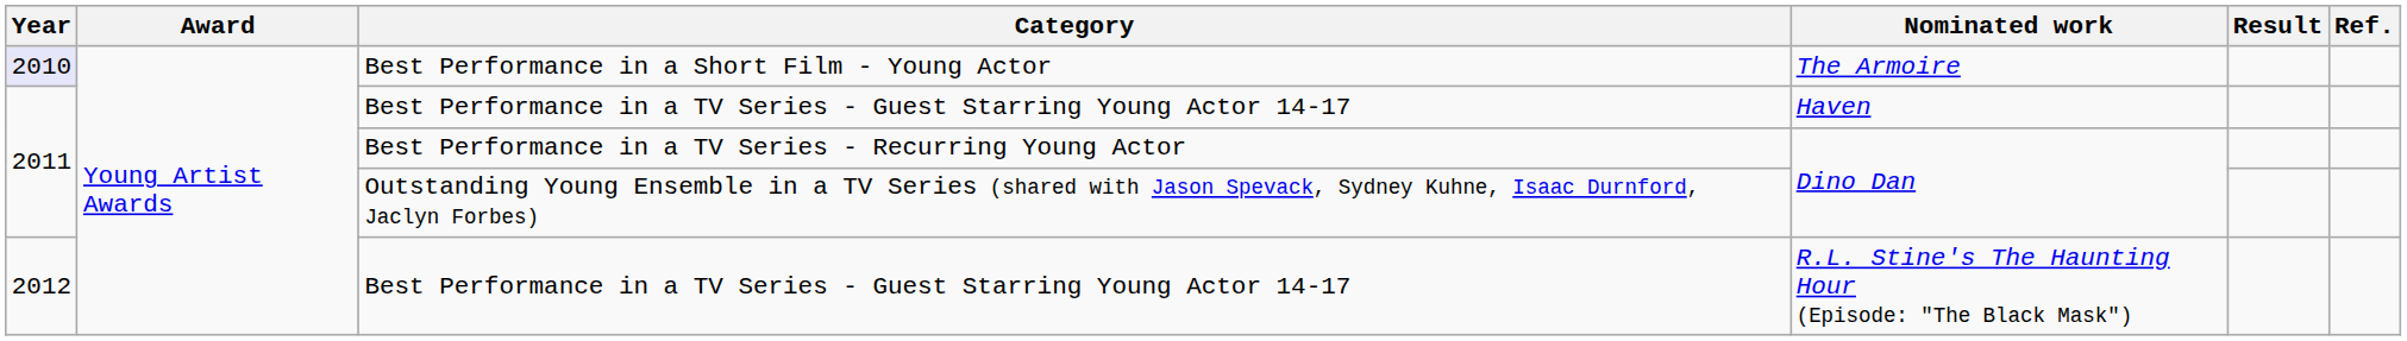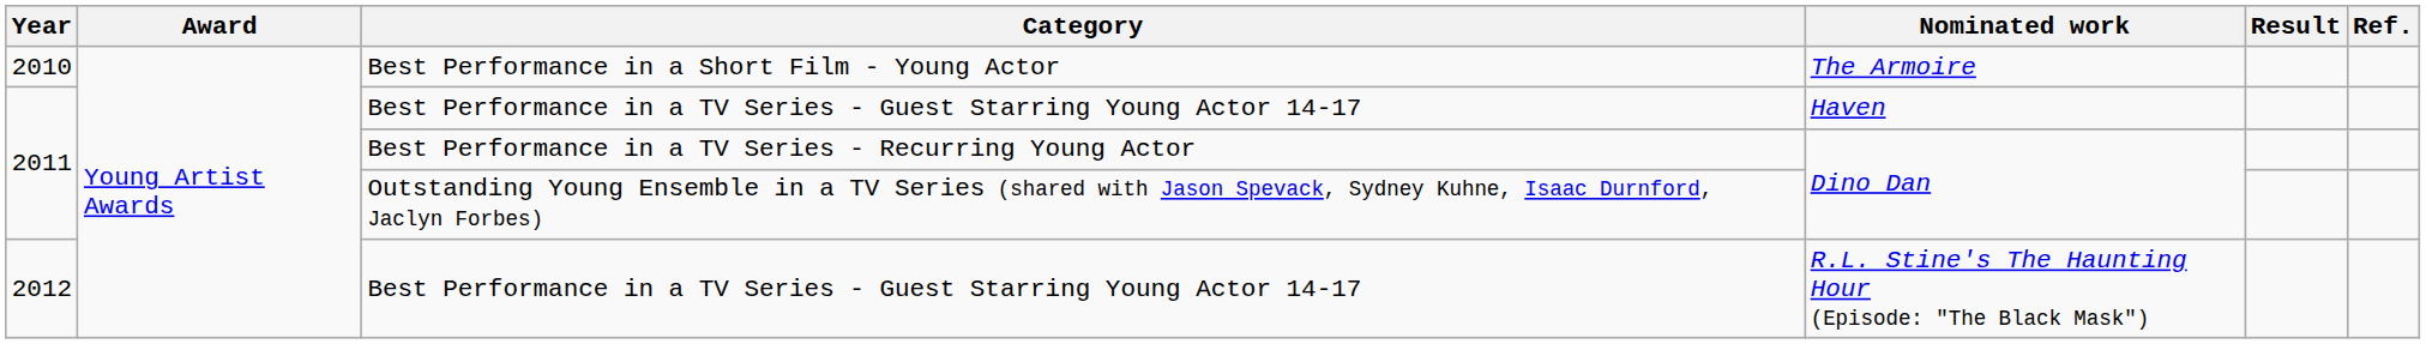 <table class="wikitable">
 <tr>
 <th>Year</th>
 <th>Award</th>
 <th>Category</th>
 <th>Nominated work</th>
 <th>Result</th>
 <th>Ref.</th>
 </tr>
 <tr>
-<td style="background: lavender;">2010</td>
+<td>2010</td>
 <td rowspan="5"><a href='#'>Young Artist Awards</a></td>
 <td>Best Performance in a Short Film - Young Actor</td>
 <td><em><a href='#'>The Armoire</a></em></td>
 <td></td>
 <td></td>
 </tr>
 <tr>
 <td rowspan=3>2011</td>
 <td>Best Performance in a TV Series - Guest Starring Young Actor 14-17</td>
 <td><em><a href='#'>Haven</a></em></td>
 <td></td>
 <td></td>
 </tr>
 <tr>
 <td>Best Performance in a TV Series - Recurring Young Actor</td>
 <td rowspan="2"><em><a href='#'>Dino Dan</a></em></td>
 <td></td>
 <td></td>
 </tr>
 <tr>
 <td>Outstanding Young Ensemble in a TV Series<small> (shared with <a href='#'>Jason Spevack</a>, Sydney Kuhne, <a href='#'>Isaac Durnford</a>, Jaclyn Forbes)</small></td>
 <td></td>
 <td></td>
 </tr>
 <tr>
 <td>2012</td>
 <td>Best Performance in a TV Series - Guest Starring Young Actor 14-17</td>
 <td><em><a href='#'>R.L. Stine's The Haunting Hour</a></em><br><small>(Episode: "The Black Mask")</small></td>
 <td></td>
 <td></td>
 </tr>
 </table>
